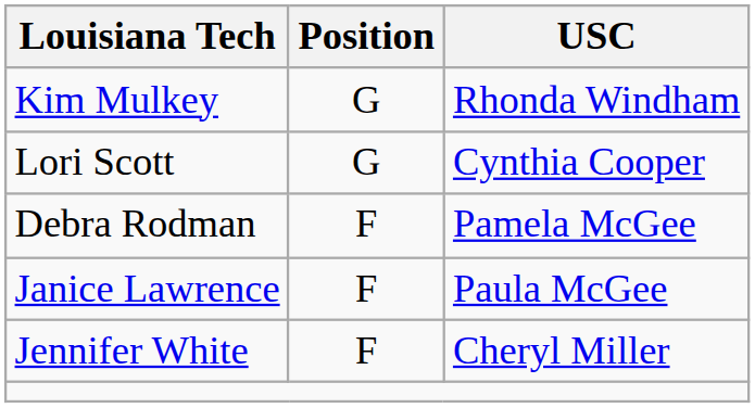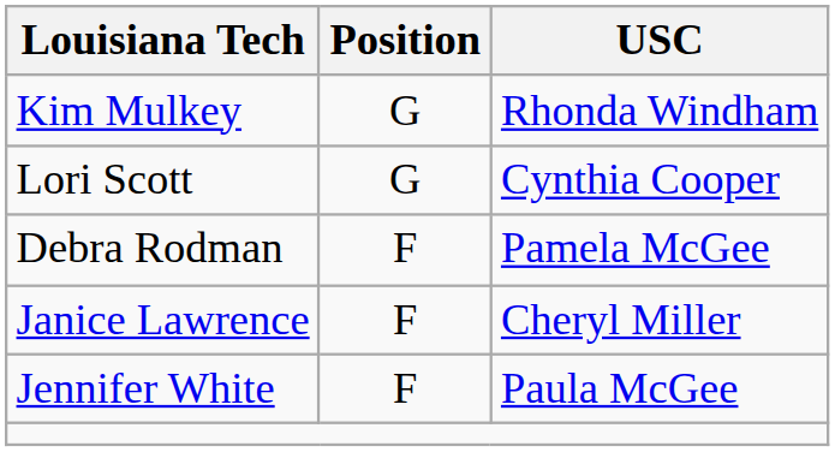 <table class="wikitable">
 <tr>
 <th>Louisiana Tech</th>
 <th>Position</th>
 <th>USC</th>
 </tr>
 <tr>
 <td><a href='#'>Kim Mulkey</a></td>
 <td style="text-align:center">G</td>
 <td><a href='#'>Rhonda Windham</a></td>
 </tr>
 <tr>
 <td>Lori Scott</td>
 <td style="text-align:center">G</td>
 <td><a href='#'>Cynthia Cooper</a></td>
 </tr>
 <tr>
 <td>Debra Rodman</td>
 <td style="text-align:center">F</td>
 <td><a href='#'>Pamela McGee</a></td>
 </tr>
 <tr>
 <td><a href='#'>Janice Lawrence</a></td>
 <td style="text-align:center">F</td>
-<td><a href='#'>Paula McGee</a></td>
+<td><a href='#'>Cheryl Miller</a></td>
 </tr>
 <tr>
 <td><a href='#'>Jennifer White</a></td>
 <td style="text-align:center">F</td>
-<td><a href='#'>Cheryl Miller</a></td>
+<td><a href='#'>Paula McGee</a></td>
 </tr>
 <tr>
 <td style="text-align:center" colspan=3></td>
 </tr>
 </table>
